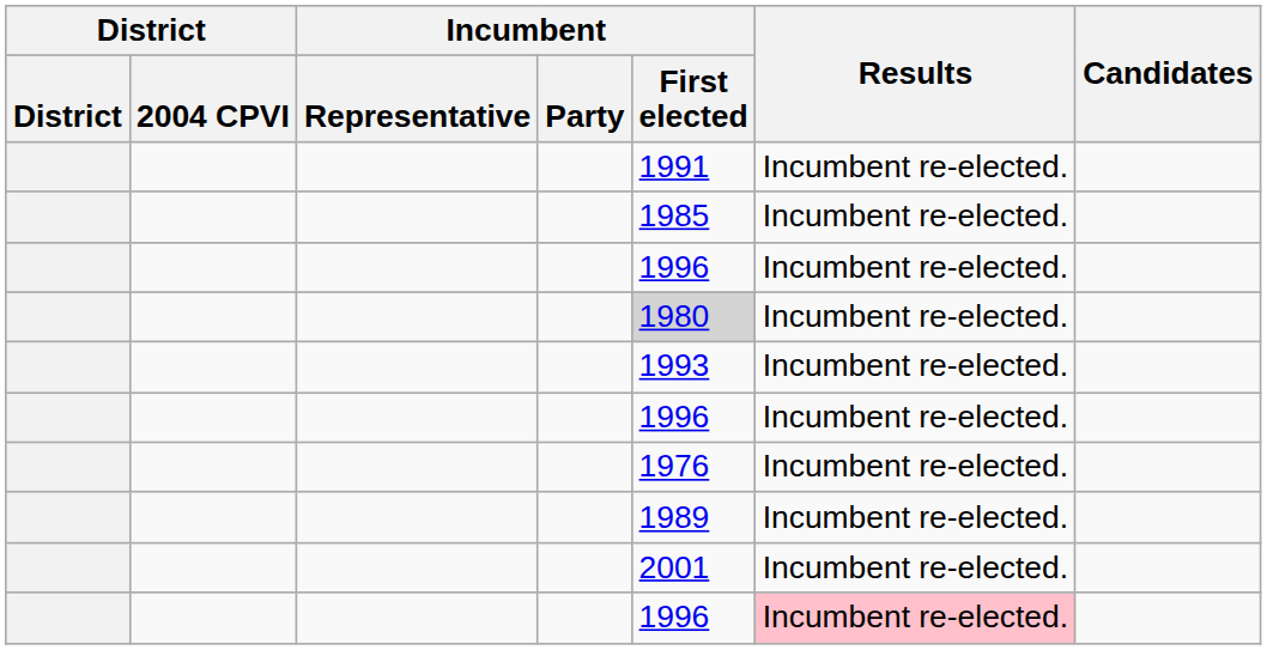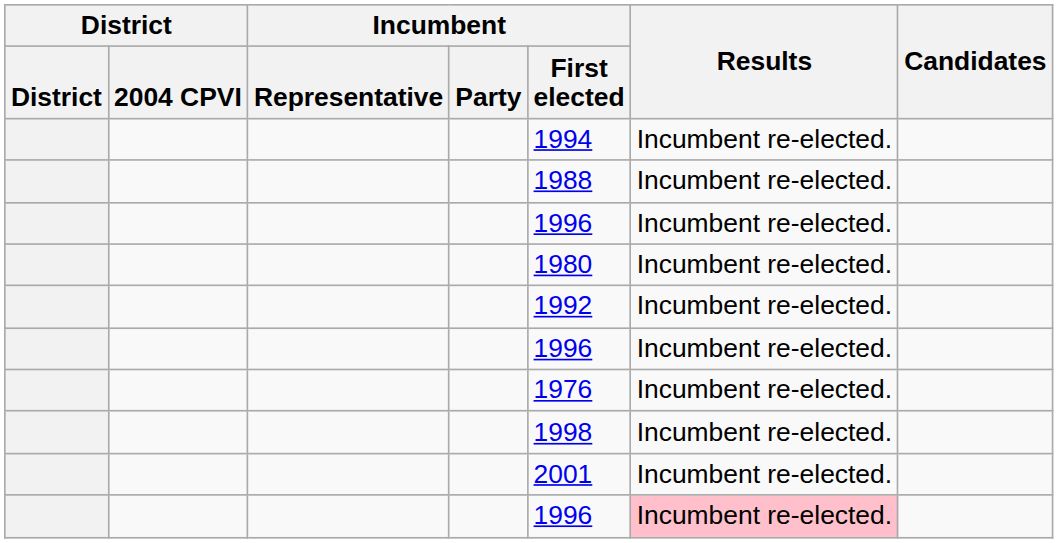 <table class="wikitable sortable">
 <tr>
 <th colspan=2>District</th>
 <th colspan=3>Incumbent</th>
 <th rowspan=2>Results</th>
 <th rowspan=2>Candidates</th>
 </tr>
 <tr valign=bottom>
 <th>District</th>
 <th>2004 CPVI</th>
 <th>Representative</th>
 <th>Party</th>
 <th>First<br>elected</th>
 </tr>
 <tr>
 <th></th>
 <td></td>
 <td></td>
 <td></td>
-<td><a href='#'>1991 </a></td>
+<td><a href='#'>1994 </a></td>
 <td>Incumbent re-elected.</td>
 <td nowrap></td>
 </tr>
 <tr>
 <th></th>
 <td></td>
 <td></td>
 <td></td>
-<td><a href='#'>1985</a></td>
+<td><a href='#'>1988</a></td>
 <td>Incumbent re-elected.</td>
 <td nowrap></td>
 </tr>
 <tr>
 <th></th>
 <td></td>
 <td></td>
 <td></td>
 <td><a href='#'>1996</a></td>
 <td>Incumbent re-elected.</td>
 <td nowrap></td>
 </tr>
 <tr>
 <th></th>
 <td></td>
 <td></td>
 <td></td>
-<td style="background: lightgrey;"><a href='#'>1980</a></td>
+<td><a href='#'>1980</a></td>
 <td>Incumbent re-elected.</td>
 <td nowrap></td>
 </tr>
 <tr>
 <th></th>
 <td></td>
 <td></td>
 <td></td>
-<td><a href='#'>1993</a></td>
+<td><a href='#'>1992</a></td>
 <td>Incumbent re-elected.</td>
 <td nowrap></td>
 </tr>
 <tr>
 <th></th>
 <td></td>
 <td></td>
 <td></td>
 <td><a href='#'>1996</a></td>
 <td>Incumbent re-elected.</td>
 <td nowrap></td>
 </tr>
 <tr>
 <th></th>
 <td></td>
 <td></td>
 <td></td>
 <td><a href='#'>1976</a></td>
 <td>Incumbent re-elected.</td>
 <td nowrap></td>
 </tr>
 <tr>
 <th></th>
 <td></td>
 <td></td>
 <td></td>
-<td><a href='#'>1989</a></td>
+<td><a href='#'>1998</a></td>
 <td>Incumbent re-elected.</td>
 <td nowrap></td>
 </tr>
 <tr>
 <th></th>
 <td></td>
 <td></td>
 <td></td>
 <td><a href='#'>2001</a></td>
 <td>Incumbent re-elected.</td>
 <td nowrap></td>
 </tr>
 <tr>
 <th></th>
 <td></td>
 <td></td>
 <td></td>
 <td><a href='#'>1996</a></td>
 <td style="background: pink;">Incumbent re-elected.</td>
 <td nowrap></td>
 </tr>
 </table>
